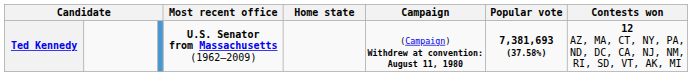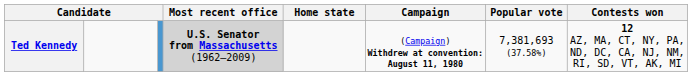 <table class="wikitable sortable" style="text-align:center;">
 <tr>
 <th style="width:200px;" colspan="3">Candidate</th>
 <th style="width:150px;">Most recent office</th>
 <th style="width:100px;">Home state</th>
 <th style="width:150px;">Campaign</th>
 <th style="width:100px;">Popular vote</th>
 <th style="width:150px;">Contests won</th>
 </tr>
 <tr>
 <th scope="row" data-sort-=""><a href='#'>Ted Kennedy</a></th>
 <td style="min-width:80px;"></td>
 <td style="background:#4997D0;"></td>
-<td><strong>U.S. Senator</strong><br><strong>from <a href='#'>Massachusetts</a></strong><br>(1962–2009)</td>
+<td style="background: lightgrey;"><strong>U.S. Senator</strong><br><strong>from <a href='#'>Massachusetts</a></strong><br>(1962–2009)</td>
 <td></td>
 <td data-sort-value="0"><br><small>(<a href='#'>Campaign</a>)</small><br><small><strong>Withdrew at convention: August 11, 1980</strong></small></td>
-<td data-sort-value="14,015,993"><strong>7,381,693<br><small>(37.58%)</small></strong></td>
+<td data-sort-value="14,015,993">7,381,693<br><small>(37.58%)</small></td>
 <td data-sort-value="42"><strong>12</strong><br>AZ, MA, CT, NY, PA, ND, DC, CA, NJ, NM, RI, SD, VT, AK, MI</td>
 </tr>
 </table>
